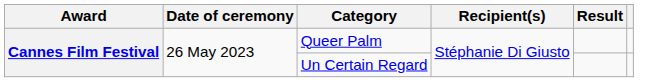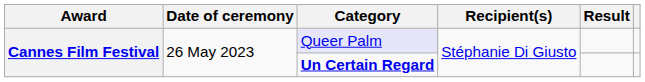 <table class="wikitable sortable plainrowheaders">
 <tr>
 <th scope="col">Award</th>
 <th scope="col">Date of ceremony</th>
 <th scope="col">Category</th>
 <th scope="col">Recipient(s)</th>
 <th scope="col">Result</th>
 <th scope="col" class="unsortable"></th>
 </tr>
 <tr>
 <th rowspan="2" scope="row"><a href='#'>Cannes Film Festival</a></th>
 <td rowspan="2">26 May 2023</td>
-<td><a href='#'>Queer Palm</a></td>
+<td style="background: lavender;"><a href='#'>Queer Palm</a></td>
 <td rowspan="2"><a href='#'>Stéphanie Di Giusto</a></td>
 <td></td>
 <td align="center"></td>
 </tr>
 <tr>
-<td><a href='#'>Un Certain Regard</a></td>
+<td><strong><a href='#'>Un Certain Regard</a></strong></td>
 <td></td>
 <td align="center"></td>
 </tr>
 </table>
